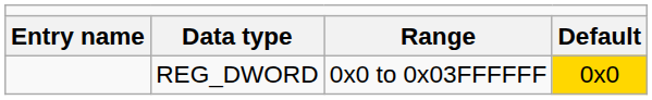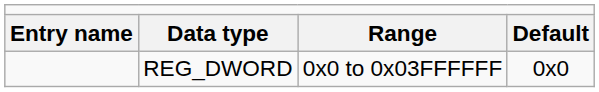 <table class="wikitable" style="margin:1.5em 1em 1.5em 2em; text-align:center">
 <tr>
 <td colspan="4">  </td>
 </tr>
 <tr>
 <th>Entry name</th>
 <th>Data type</th>
 <th>Range</th>
 <th>Default</th>
 </tr>
 <tr>
 <td></td>
 <td>REG_DWORD</td>
 <td>0x0 to 0x03FFFFFF</td>
-<td style="background: gold;">0x0</td>
+<td>0x0</td>
 </tr>
 </table>
